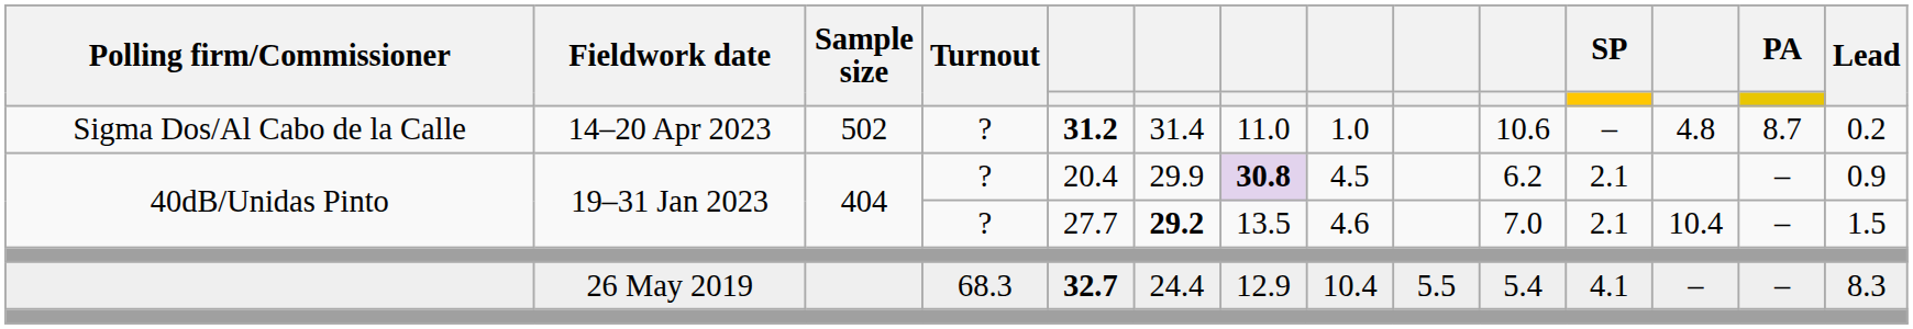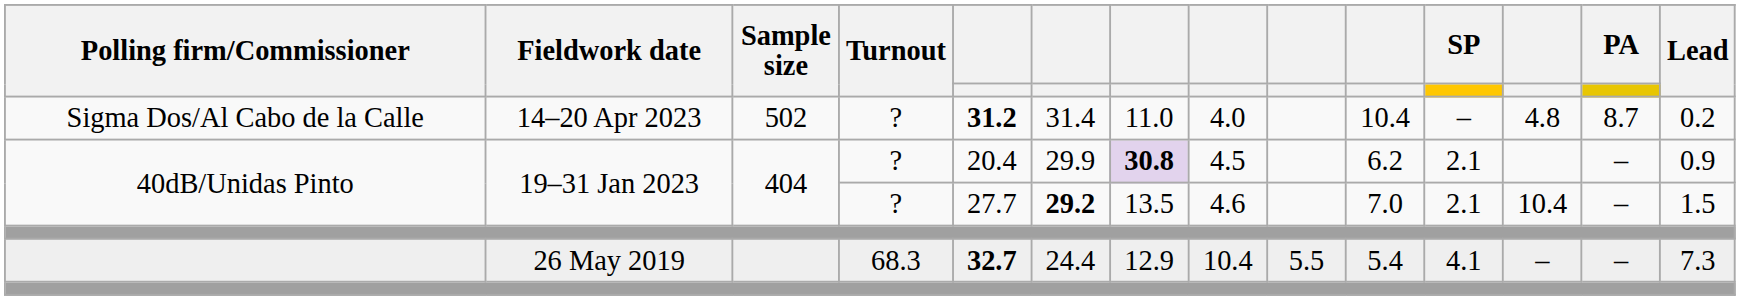 <table class="wikitable collapsible collapsed" style="text-align:center; font-size:95%; line-height:16px;">
 <tr style="height:42px;">
 <th style="width:250px;" rowspan="2">Polling firm/Commissioner</th>
 <th style="width:125px;" rowspan="2">Fieldwork date</th>
 <th style="width:50px;" rowspan="2">Sample size</th>
 <th style="width:45px;" rowspan="2">Turnout</th>
 <th style="width:35px;"></th>
 <th style="width:35px;"></th>
 <th style="width:35px;"></th>
 <th style="width:35px;"></th>
 <th style="width:35px;"></th>
 <th style="width:35px;"></th>
 <th style="width:35px;">SP</th>
 <th style="width:35px;"></th>
 <th style="width:35px;">PA</th>
 <th style="width:30px;" rowspan="2">Lead</th>
 </tr>
 <tr>
 <th style="color:inherit;background:"></th>
 <th style="color:inherit;background:"></th>
 <th style="color:inherit;background:"></th>
 <th style="color:inherit;background:"></th>
 <th style="color:inherit;background:"></th>
 <th style="color:inherit;background:"></th>
 <th style="color:inherit;background:#FFC700;"></th>
 <th style="color:inherit;background:"></th>
 <th style="color:inherit;background:#E8C602;"></th>
 </tr>
 <tr>
 <td>Sigma Dos/Al Cabo de la Calle</td>
 <td>14–20 Apr 2023</td>
 <td>502</td>
 <td>?</td>
 <td><strong>31.2</strong><br></td>
 <td>31.4<br></td>
 <td>11.0<br></td>
-<td>1.0<br></td>
+<td>4.0<br></td>
 <td></td>
-<td>10.6<br></td>
+<td>10.4<br></td>
 <td>–</td>
 <td>4.8<br></td>
 <td>8.7<br></td>
 <td style="background:">0.2</td>
 </tr>
 <tr>
 <td rowspan="2">40dB/Unidas Pinto</td>
 <td rowspan="2">19–31 Jan 2023</td>
 <td rowspan="2">404</td>
 <td>?</td>
 <td>20.4<br></td>
 <td>29.9<br></td>
 <td style="background:#E2D3ED"><strong>30.8</strong><br></td>
 <td>4.5<br></td>
 <td></td>
 <td>6.2<br></td>
 <td>2.1<br></td>
 <td></td>
 <td>–</td>
 <td style="background:">0.9</td>
 </tr>
 <tr>
 <td>?</td>
 <td>27.7<br></td>
 <td><strong>29.2</strong><br></td>
 <td>13.5<br></td>
 <td>4.6<br></td>
 <td></td>
 <td>7.0<br></td>
 <td>2.1<br></td>
 <td>10.4<br></td>
 <td>–</td>
 <td style="background:">1.5</td>
 </tr>
 <tr>
 <td colspan="14" style="background:#A0A0A0"></td>
 </tr>
 <tr style="background:#EFEFEF;">
 <td><strong></strong></td>
 <td>26 May 2019</td>
 <td></td>
 <td>68.3</td>
 <td><strong>32.7</strong><br></td>
 <td>24.4<br></td>
 <td>12.9<br></td>
 <td>10.4<br></td>
 <td>5.5<br></td>
 <td>5.4<br></td>
 <td>4.1<br></td>
 <td>–</td>
 <td>–</td>
-<td style="background:">8.3</td>
+<td style="background:">7.3</td>
 </tr>
 <tr>
 <td colspan="14" style="background:#A0A0A0"></td>
 </tr>
 </table>
